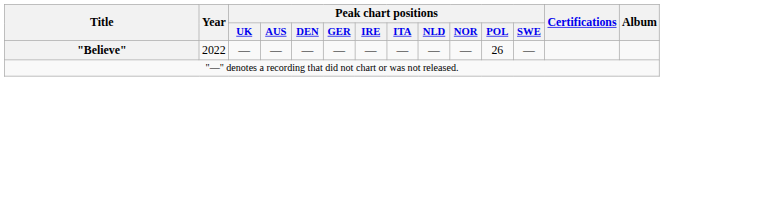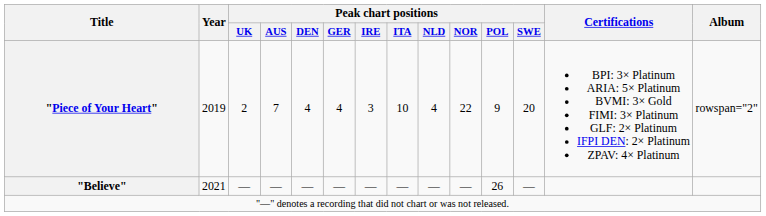 <table class="wikitable plainrowheaders" style="text-align:center;">
 <tr>
 <th scope="col" rowspan="2" style="width:16em;">Title</th>
 <th scope="col" rowspan="2" style="width:1em;">Year</th>
 <th scope="col" colspan="10">Peak chart positions</th>
 <th scope="col" rowspan="2"><a href='#'>Certifications</a></th>
 <th scope="col" rowspan="2">Album</th>
 </tr>
 <tr>
 <th scope="col" style="width:2.5em;font-size:90%;"><a href='#'>UK</a><br></th>
 <th scope="col" style="width:2.5em;font-size:90%;"><a href='#'>AUS</a><br></th>
 <th scope="col" style="width:2.5em;font-size:90%;"><a href='#'>DEN</a><br></th>
 <th scope="col" style="width:2.5em;font-size:90%;"><a href='#'>GER</a><br></th>
 <th scope="col" style="width:2.5em;font-size:90%;"><a href='#'>IRE</a><br></th>
 <th scope="col" style="width:2.5em;font-size:90%;"><a href='#'>ITA</a><br></th>
 <th scope="col" style="width:2.5em;font-size:90%;"><a href='#'>NLD</a><br></th>
 <th scope="col" style="width:2.5em;font-size:90%;"><a href='#'>NOR</a><br></th>
 <th scope="col" style="width:2.5em;font-size:90%;"><a href='#'>POL</a><br></th>
 <th scope="col" style="width:2.5em;font-size:90%;"><a href='#'>SWE</a><br></th>
 </tr>
 <tr>
+<th scope="row">"<a href='#'>Piece of Your Heart</a>"<br></th>
+<td>2019</td>
+<td>2</td>
+<td>7</td>
+<td>4</td>
+<td>4</td>
+<td>3</td>
+<td>10</td>
+<td>4</td>
+<td>22</td>
+<td>9</td>
+<td>20</td>
+<td><br><ul><li>BPI: 3× Platinum</li><li>ARIA: 5× Platinum</li><li>BVMI: 3× Gold</li><li>FIMI: 3× Platinum</li><li>GLF: 2× Platinum</li><li><a href='#'>IFPI DEN</a>: 2× Platinum</li><li>ZPAV: 4× Platinum</li></ul></td>
+<td>rowspan="2" </td>
+</tr>
+<tr>
 <th scope="row">"Believe"<br></th>
-<td>2022</td>
+<td>2021</td>
 <td>—</td>
 <td>—</td>
 <td>—</td>
 <td>—</td>
 <td>—</td>
 <td>—</td>
 <td>—</td>
 <td>—</td>
 <td>26</td>
 <td>—</td>
 <td></td>
 </tr>
 <tr>
 <td colspan="14" style="font-size:85%">"—" denotes a recording that did not chart or was not released.</td>
 </tr>
 </table>
